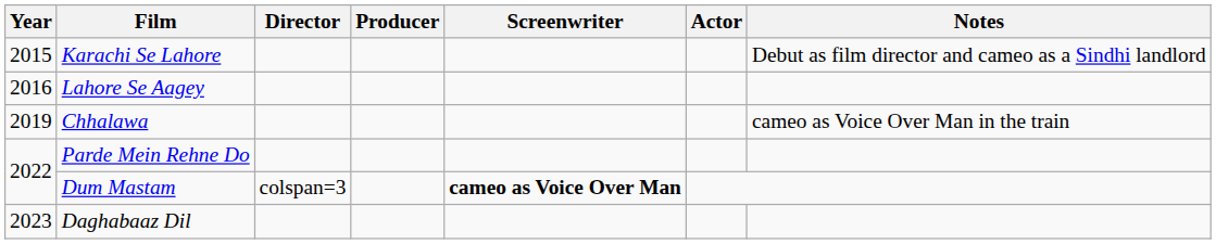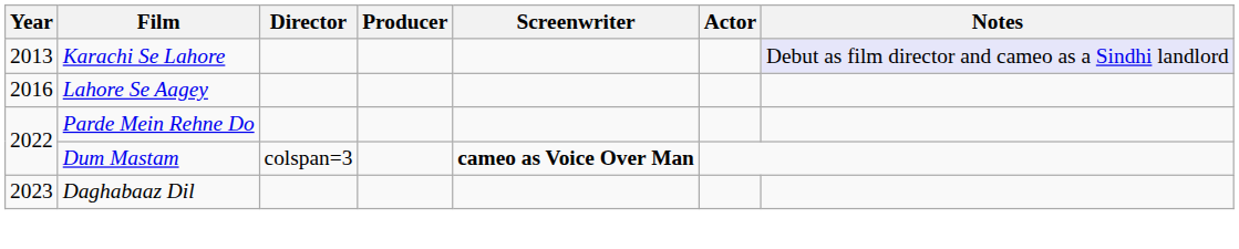 <table class="wikitable sortable">
 <tr>
 <th>Year</th>
 <th>Film</th>
 <th>Director</th>
 <th>Producer</th>
 <th>Screenwriter</th>
 <th>Actor</th>
 <th>Notes</th>
 </tr>
 <tr>
-<td>2015</td>
+<td>2013</td>
 <td><em><a href='#'>Karachi Se Lahore</a></em></td>
 <td></td>
 <td></td>
 <td></td>
 <td></td>
-<td>Debut as film director and cameo as a <a href='#'>Sindhi</a> landlord</td>
+<td style="background: lavender;">Debut as film director and cameo as a <a href='#'>Sindhi</a> landlord</td>
 </tr>
 <tr>
 <td>2016</td>
 <td><em><a href='#'>Lahore Se Aagey</a></em></td>
 <td></td>
 <td></td>
 <td></td>
 <td></td>
 <td></td>
-</tr>
-<tr>
-<td>2019</td>
-<td><em><a href='#'>Chhalawa</a></em></td>
-<td></td>
-<td></td>
-<td></td>
-<td></td>
-<td>cameo as Voice Over Man in the train</td>
 </tr>
 <tr>
 <td rowspan=2>2022</td>
 <td><em><a href='#'>Parde Mein Rehne Do</a></em></td>
 <td></td>
 <td></td>
 <td></td>
 <td></td>
 <td></td>
 </tr>
 <tr>
 <td><em><a href='#'>Dum Mastam</a></em></td>
 <td>colspan=3 </td>
 <td></td>
 <td><strong>cameo as Voice Over Man</strong></td>
 </tr>
 <tr>
 <td>2023</td>
 <td><em>Daghabaaz Dil</em></td>
 <td></td>
 <td></td>
 <td></td>
 <td></td>
 <td></td>
 </tr>
 </table>
